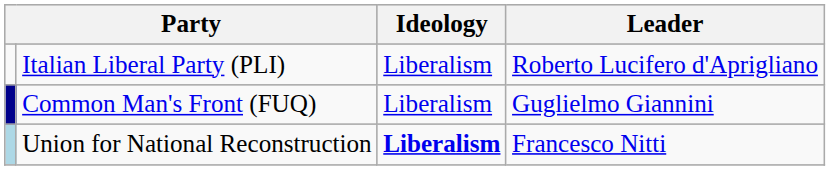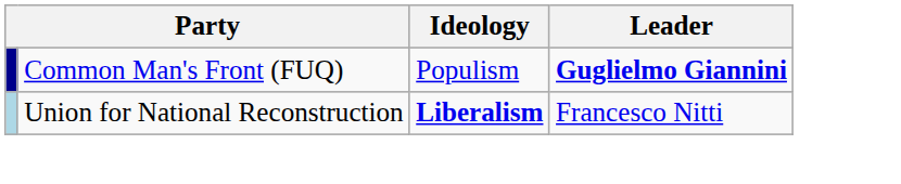 <table class=wikitable style=text-align:left>
 <tr>
 <th colspan=2>Party</th>
 <th>Ideology</th>
 <th>Leader</th>
 </tr>
 <tr>
-<td></td>
-<td><a href='#'>Italian Liberal Party</a> (PLI)</td>
-<td><a href='#'>Liberalism</a></td>
-<td><a href='#'>Roberto Lucifero d'Aprigliano</a></td>
-</tr>
-<tr>
 <td bgcolor="#00008B"></td>
 <td><a href='#'>Common Man's Front</a> (FUQ)</td>
-<td><a href='#'>Liberalism</a></td>
-<td><a href='#'>Guglielmo Giannini</a></td>
+<td><a href='#'>Populism</a></td>
+<td><strong><a href='#'>Guglielmo Giannini</a></strong></td>
 </tr>
 <tr>
 <td bgcolor="lightblue"></td>
 <td>Union for National Reconstruction</td>
 <td><strong><a href='#'>Liberalism</a></strong></td>
 <td><a href='#'>Francesco Nitti</a></td>
 </tr>
 </table>
